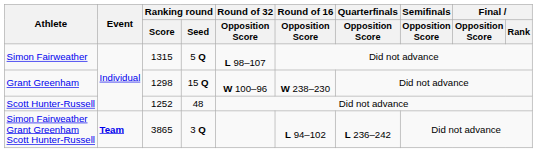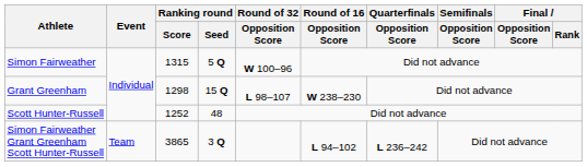 <table class="wikitable" style="font-size:90%; text-align:center">
 <tr>
 <th rowspan=2>Athlete</th>
 <th rowspan=2>Event</th>
 <th colspan="2">Ranking round</th>
 <th>Round of 32</th>
 <th>Round of 16</th>
 <th>Quarterfinals</th>
 <th>Semifinals</th>
 <th colspan="2">Final / </th>
 </tr>
 <tr style="font-size:95%">
 <th>Score</th>
 <th>Seed</th>
 <th>Opposition<br>Score</th>
 <th>Opposition<br>Score</th>
 <th>Opposition<br>Score</th>
 <th>Opposition<br>Score</th>
 <th>Opposition<br>Score</th>
 <th>Rank</th>
 </tr>
 <tr align=center>
 <td align=left><a href='#'>Simon Fairweather</a></td>
 <td align=left rowspan=3><a href='#'>Individual</a></td>
 <td>1315</td>
 <td>5 <strong>Q</strong></td>
-<td><br><strong>L</strong> 98–107</td>
+<td><br><strong>W</strong> 100–96</td>
 <td colspan=5>Did not advance</td>
 </tr>
 <tr align=center>
 <td align=left><a href='#'>Grant Greenham</a></td>
 <td>1298</td>
 <td>15 <strong>Q</strong></td>
-<td><br><strong>W</strong> 100–96</td>
+<td><br><strong>L</strong> 98–107</td>
 <td><br><strong>W</strong> 238–230</td>
 <td colspan=4>Did not advance</td>
 </tr>
 <tr align=center>
 <td align=left><a href='#'>Scott Hunter-Russell</a></td>
 <td>1252</td>
 <td>48</td>
 <td colspan=6>Did not advance</td>
 </tr>
 <tr align=center>
 <td align=left><a href='#'>Simon Fairweather</a><br><a href='#'>Grant Greenham</a><br><a href='#'>Scott Hunter-Russell</a></td>
-<td align=left><strong><a href='#'>Team</a></strong></td>
+<td align=left><a href='#'>Team</a></td>
 <td>3865</td>
 <td>3 <strong>Q</strong></td>
 <td></td>
 <td><br><strong>L</strong> 94–102</td>
 <td><br><strong>L</strong> 236–242</td>
 <td colspan=3>Did not advance</td>
 </tr>
 </table>
